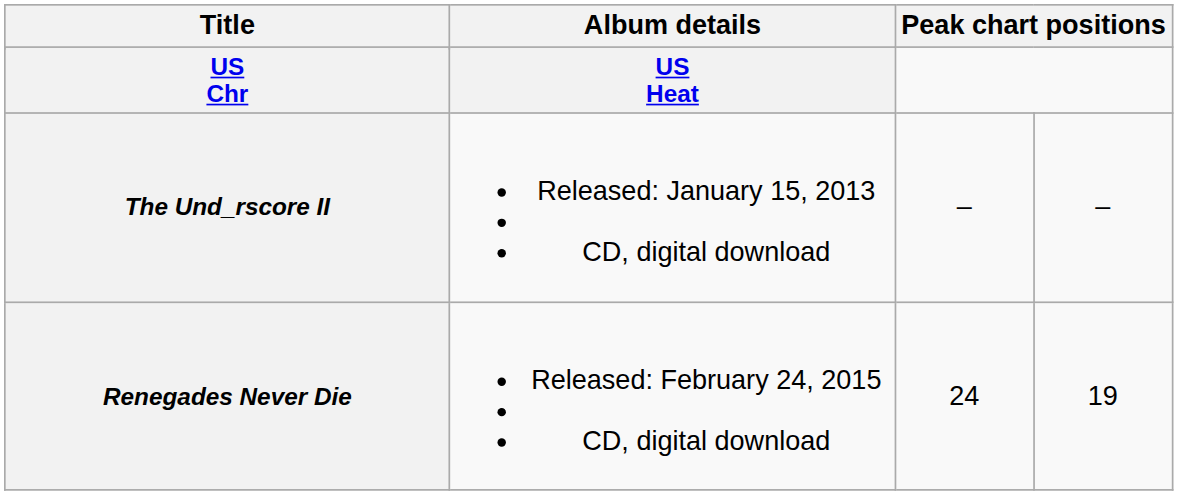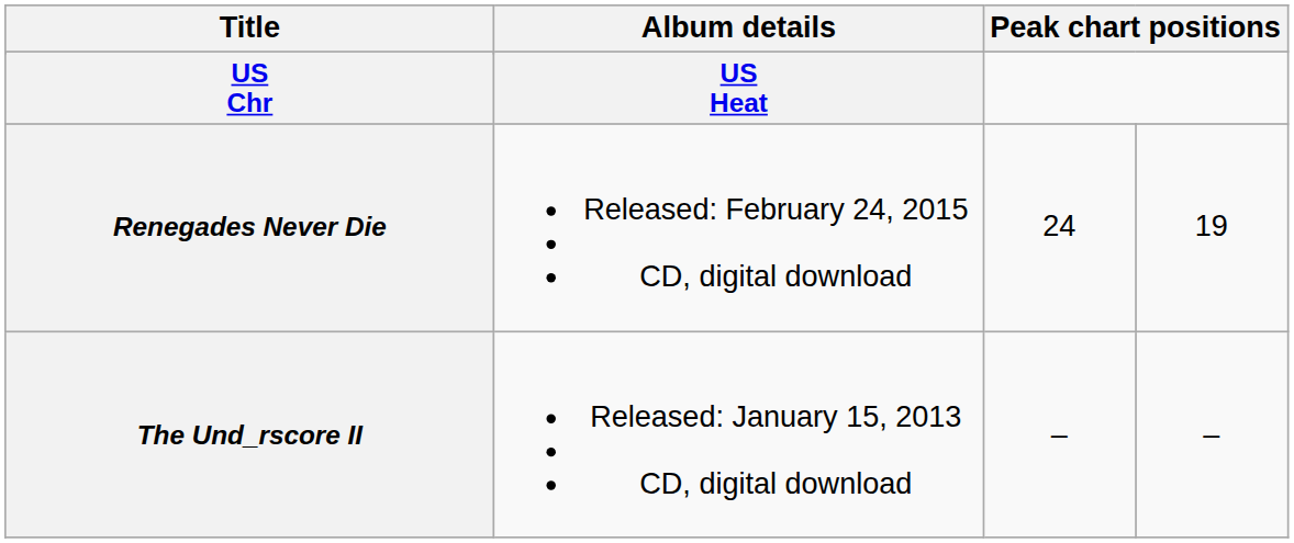 <table class="wikitable plainrowheaders" style="text-align:center;">
 <tr>
 <th scope="col" rowspan="2" style="width:16em;">Title</th>
 <th scope="col" rowspan="2" style="width:16em;">Album details</th>
 <th scope="col" colspan="2">Peak chart positions</th>
 </tr>
 <tr>
 </tr>
 <tr>
 <th style="width:3em; font-size:90%"><a href='#'>US<br>Chr</a></th>
 <th style="width:3em; font-size:90%"><a href='#'>US<br>Heat</a></th>
 </tr>
 <tr>
+<th style="width:3em; font-size:90%"><em>Renegades Never Die</em></th>
+<td><br><ul><li>Released: February 24, 2015</li><li></li><li>CD, digital download</li></ul></td>
+<td>24</td>
+<td>19</td>
+</tr>
+<tr>
 <th style="width:3em; font-size:90%"><em>The Und_rscore II</em></th>
 <td><br><ul><li>Released: January 15, 2013</li><li></li><li>CD, digital download</li></ul></td>
 <td>–</td>
 <td>–</td>
 </tr>
-<tr>
-<th style="width:3em; font-size:90%"><em>Renegades Never Die</em></th>
-<td><br><ul><li>Released: February 24, 2015</li><li></li><li>CD, digital download</li></ul></td>
-<td>24</td>
-<td>19</td>
-</tr>
 </table>
